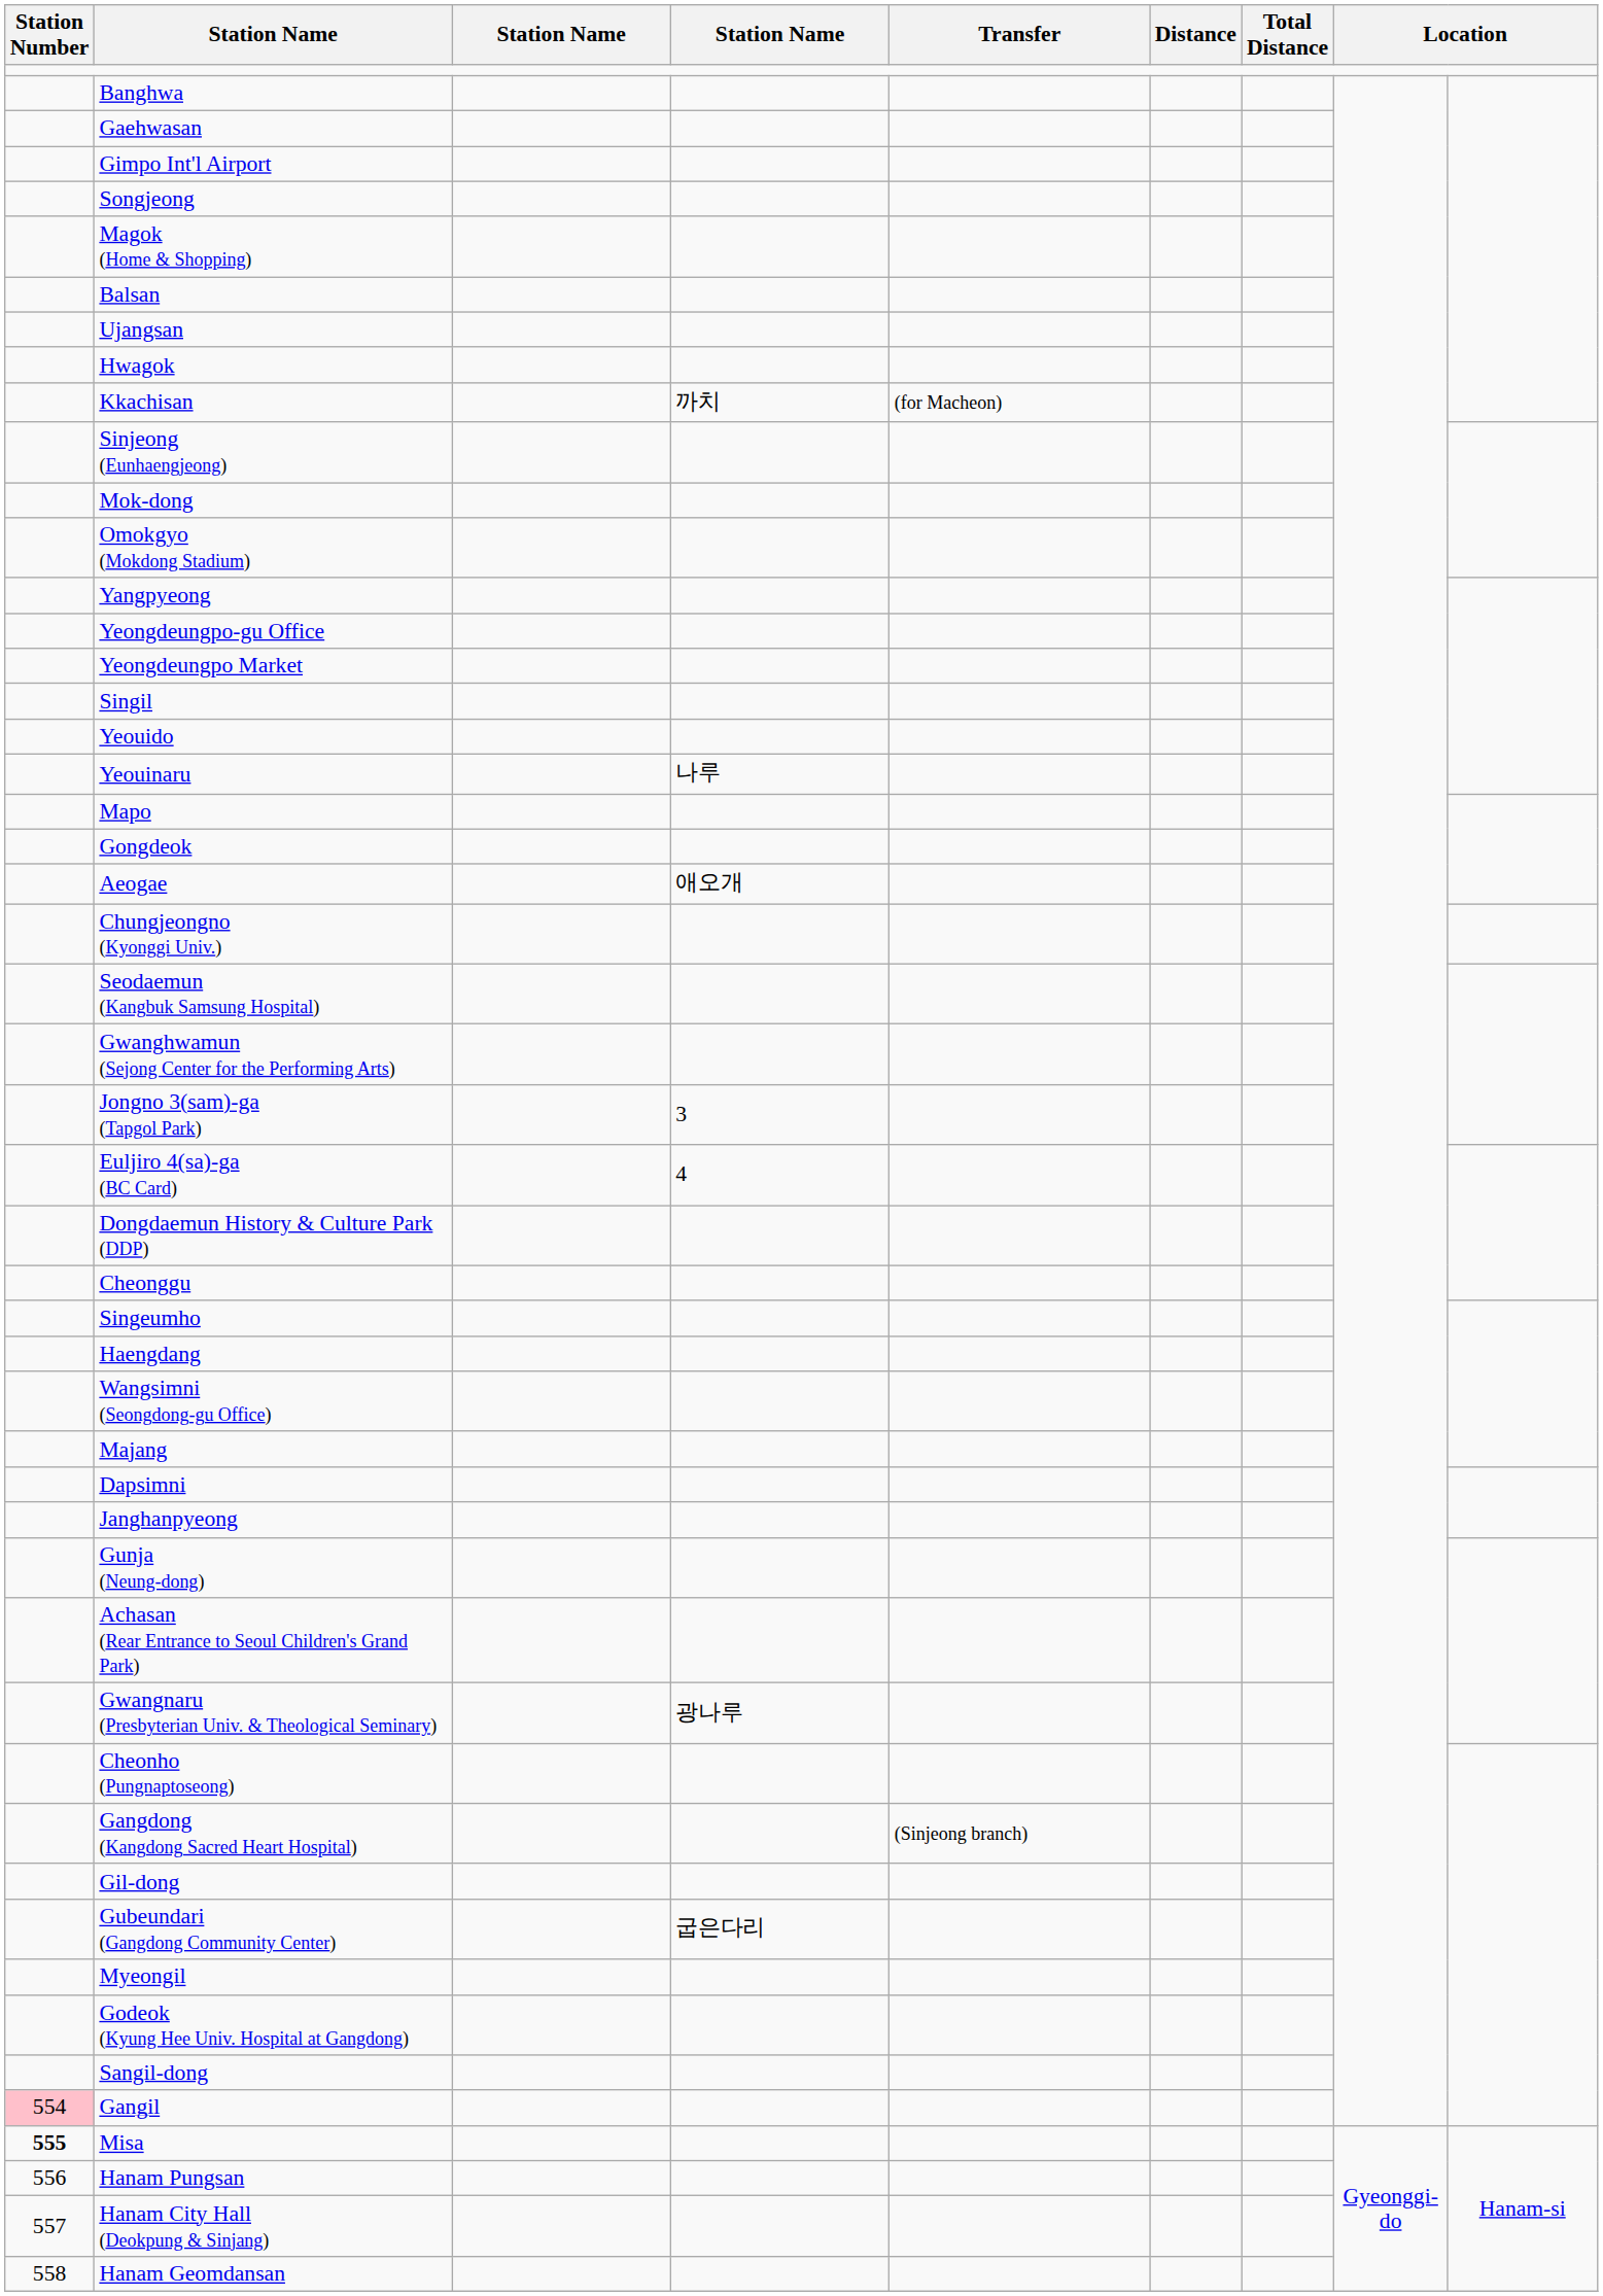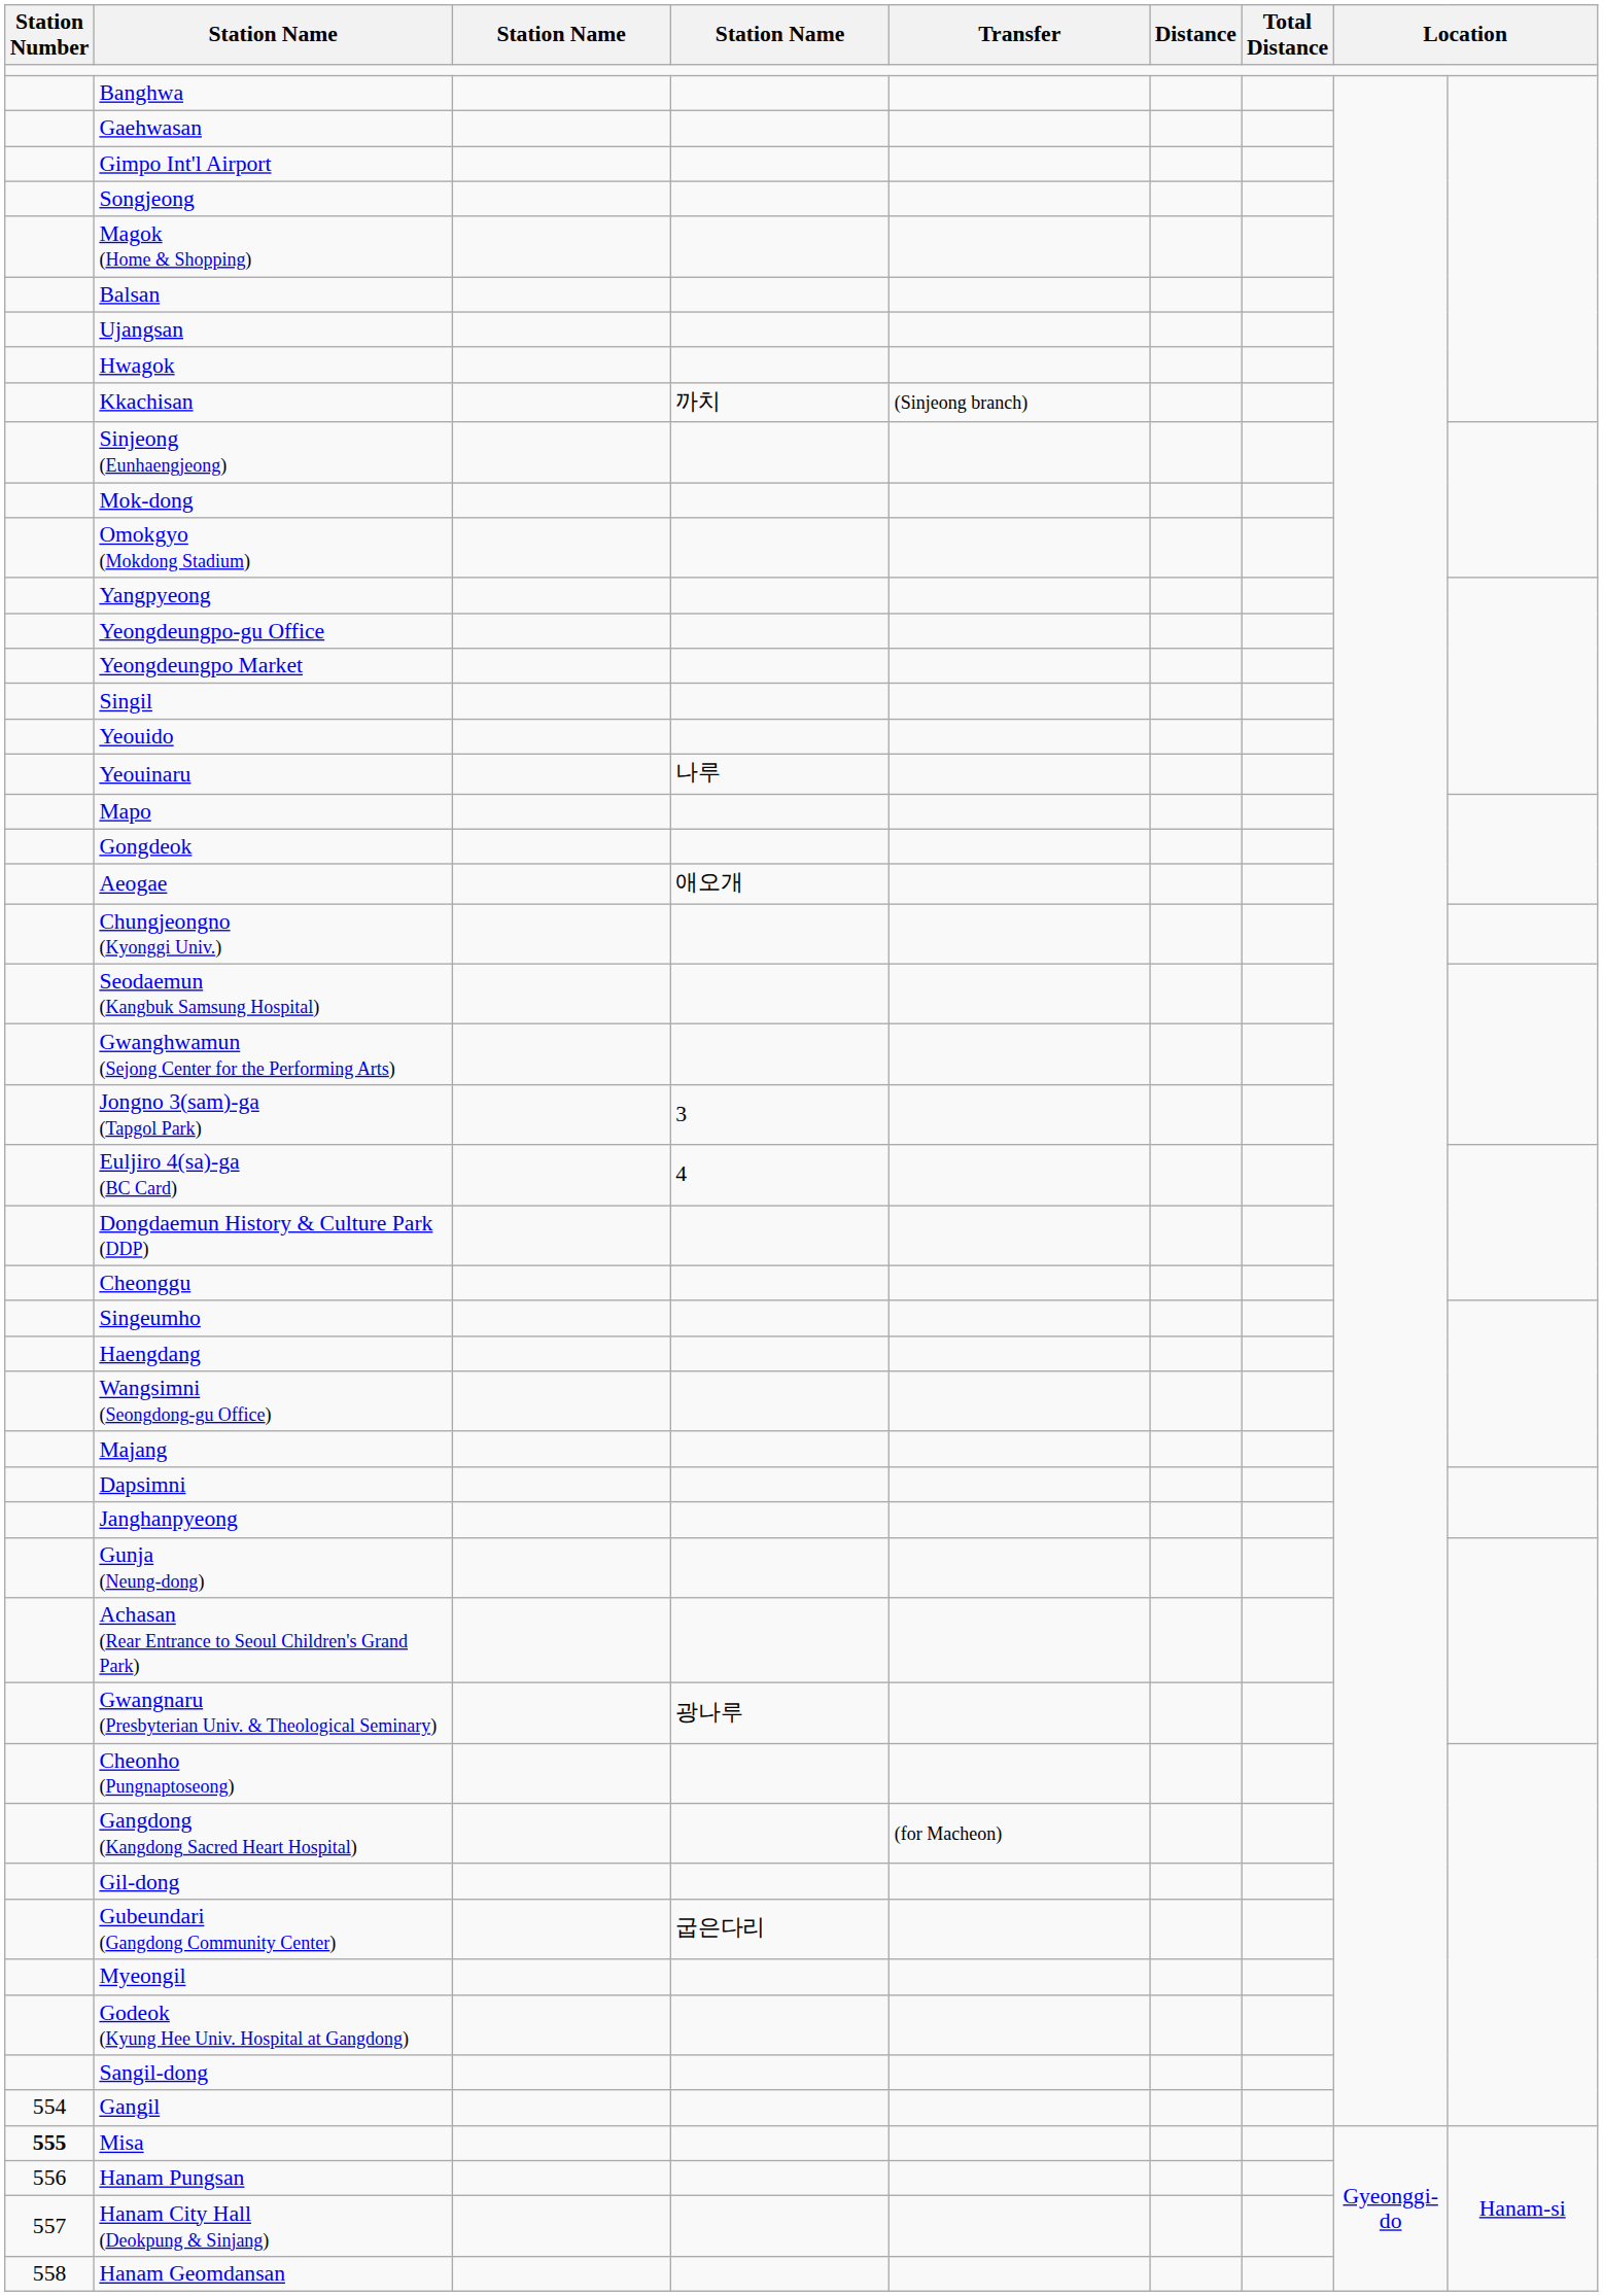 <table class="wikitable">
 <tr>
 <th>Station<br>Number</th>
 <th width = "250pt">Station Name<br></th>
 <th width = "150pt">Station Name<br></th>
 <th width = "150pt">Station Name<br></th>
 <th width = "180pt">Transfer</th>
 <th>Distance<br></th>
 <th>Total<br>Distance</th>
 <th colspan = "2">Location</th>
 </tr>
 <tr style="background:#">
 <td colspan = "10"></td>
 </tr>
 <tr>
 <td></td>
 <td><a href='#'>Banghwa</a></td>
 <td></td>
 <td></td>
 <td></td>
 <td></td>
 <td></td>
 <td rowspan = "45" width = "75pt"></td>
 <td rowspan = "9" width = "100pt"></td>
 </tr>
 <tr>
 <td></td>
 <td><a href='#'>Gaehwasan</a></td>
 <td></td>
 <td></td>
 <td></td>
 <td></td>
 <td></td>
 </tr>
 <tr>
 <td></td>
 <td><a href='#'>Gimpo Int'l Airport</a></td>
 <td></td>
 <td></td>
 <td>   </td>
 <td></td>
 <td></td>
 </tr>
 <tr>
 <td></td>
 <td><a href='#'>Songjeong</a></td>
 <td></td>
 <td></td>
 <td></td>
 <td></td>
 <td></td>
 </tr>
 <tr>
 <td></td>
 <td><a href='#'>Magok</a> <br><small>(<a href='#'>Home & Shopping</a>)</small></td>
 <td></td>
 <td></td>
 <td></td>
 <td></td>
 <td></td>
 </tr>
 <tr>
 <td></td>
 <td><a href='#'>Balsan</a></td>
 <td></td>
 <td></td>
 <td></td>
 <td></td>
 <td></td>
 </tr>
 <tr>
 <td></td>
 <td><a href='#'>Ujangsan</a></td>
 <td></td>
 <td></td>
 <td></td>
 <td></td>
 <td></td>
 </tr>
 <tr>
 <td></td>
 <td><a href='#'>Hwagok</a></td>
 <td></td>
 <td></td>
 <td></td>
 <td></td>
 <td></td>
 </tr>
 <tr>
 <td></td>
 <td><a href='#'>Kkachisan</a></td>
 <td></td>
 <td>까치</td>
-<td> <small>(for Macheon)</small></td>
+<td> <small>(Sinjeong branch)</small></td>
 <td></td>
 <td></td>
 </tr>
 <tr>
 <td></td>
 <td><a href='#'>Sinjeong</a> <br><small>(<a href='#'>Eunhaengjeong</a>)</small></td>
 <td></td>
 <td></td>
 <td></td>
 <td></td>
 <td></td>
 <td rowspan = "3"></td>
 </tr>
 <tr>
 <td></td>
 <td><a href='#'>Mok-dong</a></td>
 <td></td>
 <td></td>
 <td></td>
 <td></td>
 <td></td>
 </tr>
 <tr>
 <td></td>
 <td><a href='#'>Omokgyo</a> <br><small>(<a href='#'>Mokdong Stadium</a>)</small></td>
 <td></td>
 <td></td>
 <td></td>
 <td></td>
 <td></td>
 </tr>
 <tr>
 <td></td>
 <td><a href='#'>Yangpyeong</a></td>
 <td></td>
 <td></td>
 <td></td>
 <td></td>
 <td></td>
 <td rowspan = "6"></td>
 </tr>
 <tr>
 <td></td>
 <td><a href='#'>Yeongdeungpo-gu Office</a></td>
 <td></td>
 <td></td>
 <td></td>
 <td></td>
 <td></td>
 </tr>
 <tr>
 <td></td>
 <td><a href='#'>Yeongdeungpo Market</a></td>
 <td></td>
 <td></td>
 <td></td>
 <td></td>
 <td></td>
 </tr>
 <tr>
 <td></td>
 <td><a href='#'>Singil</a></td>
 <td></td>
 <td></td>
 <td></td>
 <td></td>
 <td></td>
 </tr>
 <tr>
 <td></td>
 <td><a href='#'>Yeouido</a></td>
 <td></td>
 <td></td>
 <td></td>
 <td></td>
 <td></td>
 </tr>
 <tr>
 <td></td>
 <td><a href='#'>Yeouinaru</a></td>
 <td></td>
 <td>나루</td>
 <td></td>
 <td></td>
 <td></td>
 </tr>
 <tr>
 <td></td>
 <td><a href='#'>Mapo</a></td>
 <td></td>
 <td></td>
 <td></td>
 <td></td>
 <td></td>
 <td rowspan = "3"></td>
 </tr>
 <tr>
 <td></td>
 <td><a href='#'>Gongdeok</a></td>
 <td></td>
 <td></td>
 <td>  </td>
 <td></td>
 <td></td>
 </tr>
 <tr>
 <td></td>
 <td><a href='#'>Aeogae</a></td>
 <td></td>
 <td>애오개</td>
 <td></td>
 <td></td>
 <td></td>
 </tr>
 <tr>
 <td></td>
 <td><a href='#'>Chungjeongno</a> <br><small>(<a href='#'>Kyonggi Univ.</a>)</small></td>
 <td></td>
 <td></td>
 <td></td>
 <td></td>
 <td></td>
 <td></td>
 </tr>
 <tr>
 <td></td>
 <td><a href='#'>Seodaemun</a> <br><small>(<a href='#'>Kangbuk Samsung Hospital</a>)</small></td>
 <td></td>
 <td></td>
 <td></td>
 <td></td>
 <td></td>
 <td rowspan = "3"></td>
 </tr>
 <tr>
 <td></td>
 <td><a href='#'>Gwanghwamun</a> <br><small>(<a href='#'>Sejong Center for the Performing Arts</a>)</small></td>
 <td></td>
 <td></td>
 <td></td>
 <td></td>
 <td></td>
 </tr>
 <tr>
 <td></td>
 <td><a href='#'>Jongno 3(sam)-ga</a> <br><small>(<a href='#'>Tapgol Park</a>)</small></td>
 <td></td>
 <td>3</td>
 <td> </td>
 <td></td>
 <td></td>
 </tr>
 <tr>
 <td></td>
 <td><a href='#'>Euljiro 4(sa)-ga</a> <br><small>(<a href='#'>BC Card</a>)</small></td>
 <td></td>
 <td>4</td>
 <td></td>
 <td></td>
 <td></td>
 <td rowspan = "3"></td>
 </tr>
 <tr>
 <td></td>
 <td><a href='#'>Dongdaemun History & Culture Park</a> <br><small>(<a href='#'>DDP</a>)</small></td>
 <td></td>
 <td></td>
 <td> </td>
 <td></td>
 <td></td>
 </tr>
 <tr>
 <td></td>
 <td><a href='#'>Cheonggu</a></td>
 <td></td>
 <td></td>
 <td></td>
 <td></td>
 <td></td>
 </tr>
 <tr>
 <td></td>
 <td><a href='#'>Singeumho</a></td>
 <td></td>
 <td></td>
 <td></td>
 <td></td>
 <td></td>
 <td rowspan = "4"></td>
 </tr>
 <tr>
 <td></td>
 <td><a href='#'>Haengdang</a></td>
 <td></td>
 <td></td>
 <td></td>
 <td></td>
 <td></td>
 </tr>
 <tr>
 <td></td>
 <td><a href='#'>Wangsimni</a> <br><small>(<a href='#'>Seongdong-gu Office</a>)</small></td>
 <td></td>
 <td></td>
 <td>  </td>
 <td></td>
 <td></td>
 </tr>
 <tr>
 <td></td>
 <td><a href='#'>Majang</a></td>
 <td></td>
 <td></td>
 <td></td>
 <td></td>
 <td></td>
 </tr>
 <tr>
 <td></td>
 <td><a href='#'>Dapsimni</a></td>
 <td></td>
 <td></td>
 <td></td>
 <td></td>
 <td></td>
 <td rowspan = "2"></td>
 </tr>
 <tr>
 <td></td>
 <td><a href='#'>Janghanpyeong</a></td>
 <td></td>
 <td></td>
 <td></td>
 <td></td>
 <td></td>
 </tr>
 <tr>
 <td></td>
 <td><a href='#'>Gunja</a> <br><small>(<a href='#'>Neung-dong</a>)</small></td>
 <td></td>
 <td></td>
 <td></td>
 <td></td>
 <td></td>
 <td rowspan = "3"></td>
 </tr>
 <tr>
 <td></td>
 <td><a href='#'>Achasan</a> <br><small>(<a href='#'>Rear Entrance to Seoul Children's Grand Park</a>)</small></td>
 <td></td>
 <td></td>
 <td></td>
 <td></td>
 <td></td>
 </tr>
 <tr>
 <td></td>
 <td><a href='#'>Gwangnaru</a> <br><small>(<a href='#'>Presbyterian Univ. & Theological Seminary</a>)</small></td>
 <td></td>
 <td>광나루</td>
 <td></td>
 <td></td>
 <td></td>
 </tr>
 <tr>
 <td></td>
 <td><a href='#'>Cheonho</a> <br><small>(<a href='#'>Pungnaptoseong</a>)</small></td>
 <td></td>
 <td></td>
 <td></td>
 <td></td>
 <td></td>
 <td rowspan = "8"></td>
 </tr>
 <tr>
 <td></td>
 <td><a href='#'>Gangdong</a> <br><small>(<a href='#'>Kangdong Sacred Heart Hospital</a>)</small></td>
 <td></td>
 <td></td>
-<td> <small>(Sinjeong branch)</small></td>
+<td> <small>(for Macheon)</small></td>
 <td></td>
 <td></td>
 </tr>
 <tr>
 <td></td>
 <td><a href='#'>Gil-dong</a></td>
 <td></td>
 <td></td>
 <td></td>
 <td></td>
 <td></td>
 </tr>
 <tr>
 <td></td>
 <td><a href='#'>Gubeundari</a> <br><small>(<a href='#'>Gangdong Community Center</a>)</small></td>
 <td></td>
 <td>굽은다리</td>
 <td></td>
 <td></td>
 <td></td>
 </tr>
 <tr>
 <td></td>
 <td><a href='#'>Myeongil</a></td>
 <td></td>
 <td></td>
 <td></td>
 <td></td>
 <td></td>
 </tr>
 <tr>
 <td></td>
 <td><a href='#'>Godeok</a> <br><small>(<a href='#'>Kyung Hee Univ. Hospital at Gangdong</a>)</small></td>
 <td></td>
 <td></td>
 <td></td>
 <td></td>
 <td></td>
 </tr>
 <tr>
 <td></td>
 <td><a href='#'>Sangil-dong</a></td>
 <td></td>
 <td></td>
 <td></td>
 <td></td>
 <td></td>
 </tr>
 <tr>
-<td align=center style="background: pink;">554</td>
+<td align=center>554</td>
 <td><a href='#'>Gangil</a></td>
 <td></td>
 <td></td>
 <td></td>
 <td></td>
 <td></td>
 </tr>
 <tr>
 <td align=center><strong>555</strong></td>
 <td><a href='#'>Misa</a></td>
 <td></td>
 <td></td>
 <td></td>
 <td></td>
 <td></td>
 <td rowspan=4 align=center><a href='#'>Gyeonggi-do</a></td>
 <td rowspan=4 align=center><a href='#'>Hanam-si</a></td>
 </tr>
 <tr>
 <td align=center>556</td>
 <td><a href='#'>Hanam Pungsan</a></td>
 <td></td>
 <td></td>
 <td></td>
 <td></td>
 <td></td>
 </tr>
 <tr>
 <td align=center>557</td>
 <td><a href='#'>Hanam City Hall</a> <br><small>(<a href='#'>Deokpung & Sinjang</a>)</small></td>
 <td></td>
 <td></td>
 <td></td>
 <td></td>
 <td></td>
 </tr>
 <tr>
 <td align=center>558</td>
 <td><a href='#'>Hanam Geomdansan</a></td>
 <td></td>
 <td></td>
 <td></td>
 <td></td>
 <td></td>
 </tr>
 <tr style="background:#">
 </tr>
 </table>
